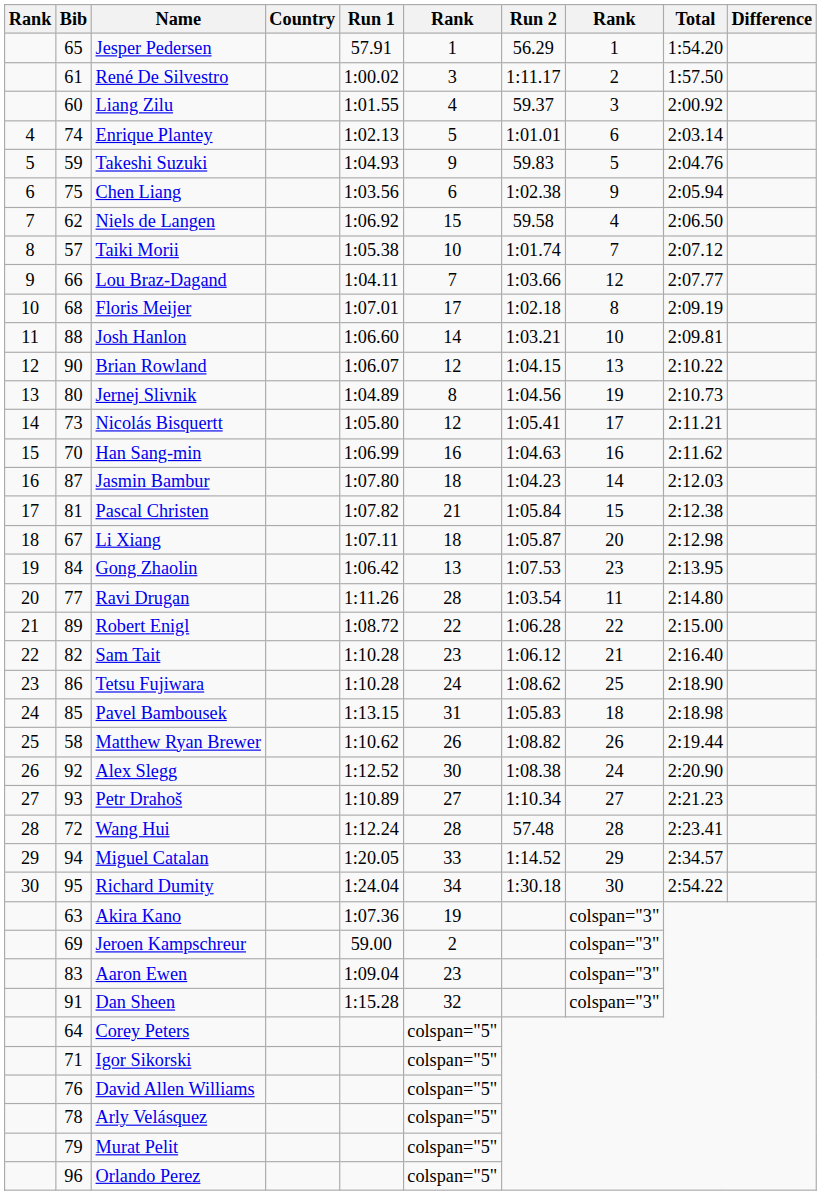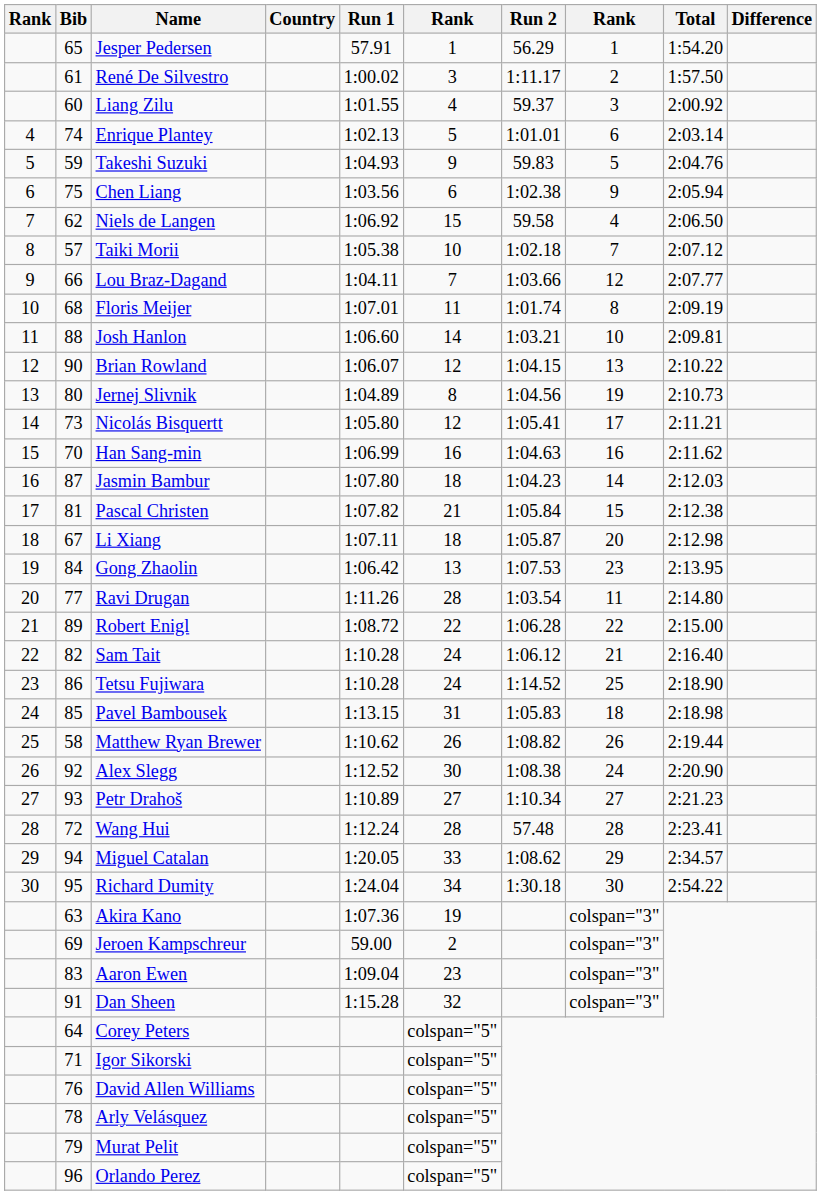 <table class="wikitable sortable" style="text-align:center">
 <tr>
 <th>Rank</th>
 <th>Bib</th>
 <th>Name</th>
 <th>Country</th>
 <th>Run 1</th>
 <th>Rank</th>
 <th>Run 2</th>
 <th>Rank</th>
 <th>Total</th>
 <th>Difference</th>
 </tr>
 <tr>
 <td></td>
 <td>65</td>
 <td align="left"><a href='#'>Jesper Pedersen</a></td>
 <td align="left"></td>
 <td>57.91</td>
 <td>1</td>
 <td>56.29</td>
 <td>1</td>
 <td>1:54.20</td>
 <td></td>
 </tr>
 <tr>
 <td></td>
 <td>61</td>
 <td align="left"><a href='#'>René De Silvestro</a></td>
 <td align="left"></td>
 <td>1:00.02</td>
 <td>3</td>
 <td>1:11.17</td>
 <td>2</td>
 <td>1:57.50</td>
 <td></td>
 </tr>
 <tr>
 <td></td>
 <td>60</td>
 <td align="left"><a href='#'>Liang Zilu</a></td>
 <td align="left"></td>
 <td>1:01.55</td>
 <td>4</td>
 <td>59.37</td>
 <td>3</td>
 <td>2:00.92</td>
 <td></td>
 </tr>
 <tr>
 <td>4</td>
 <td>74</td>
 <td align="left"><a href='#'>Enrique Plantey</a></td>
 <td align="left"></td>
 <td>1:02.13</td>
 <td>5</td>
 <td>1:01.01</td>
 <td>6</td>
 <td>2:03.14</td>
 <td></td>
 </tr>
 <tr>
 <td>5</td>
 <td>59</td>
 <td align="left"><a href='#'>Takeshi Suzuki</a></td>
 <td align="left"></td>
 <td>1:04.93</td>
 <td>9</td>
 <td>59.83</td>
 <td>5</td>
 <td>2:04.76</td>
 <td></td>
 </tr>
 <tr>
 <td>6</td>
 <td>75</td>
 <td align="left"><a href='#'>Chen Liang</a></td>
 <td align="left"></td>
 <td>1:03.56</td>
 <td>6</td>
 <td>1:02.38</td>
 <td>9</td>
 <td>2:05.94</td>
 <td></td>
 </tr>
 <tr>
 <td>7</td>
 <td>62</td>
 <td align="left"><a href='#'>Niels de Langen</a></td>
 <td align="left"></td>
 <td>1:06.92</td>
 <td>15</td>
 <td>59.58</td>
 <td>4</td>
 <td>2:06.50</td>
 <td></td>
 </tr>
 <tr>
 <td>8</td>
 <td>57</td>
 <td align="left"><a href='#'>Taiki Morii</a></td>
 <td align="left"></td>
 <td>1:05.38</td>
 <td>10</td>
-<td>1:01.74</td>
+<td>1:02.18</td>
 <td>7</td>
 <td>2:07.12</td>
 <td></td>
 </tr>
 <tr>
 <td>9</td>
 <td>66</td>
 <td align="left"><a href='#'>Lou Braz-Dagand</a></td>
 <td align="left"></td>
 <td>1:04.11</td>
 <td>7</td>
 <td>1:03.66</td>
 <td>12</td>
 <td>2:07.77</td>
 <td></td>
 </tr>
 <tr>
 <td>10</td>
 <td>68</td>
 <td align="left"><a href='#'>Floris Meijer</a></td>
 <td align="left"></td>
 <td>1:07.01</td>
-<td>17</td>
-<td>1:02.18</td>
+<td>11</td>
+<td>1:01.74</td>
 <td>8</td>
 <td>2:09.19</td>
 <td></td>
 </tr>
 <tr>
 <td>11</td>
 <td>88</td>
 <td align="left"><a href='#'>Josh Hanlon</a></td>
 <td align="left"></td>
 <td>1:06.60</td>
 <td>14</td>
 <td>1:03.21</td>
 <td>10</td>
 <td>2:09.81</td>
 <td></td>
 </tr>
 <tr>
 <td>12</td>
 <td>90</td>
 <td align="left"><a href='#'>Brian Rowland</a></td>
 <td align="left"></td>
 <td>1:06.07</td>
 <td>12</td>
 <td>1:04.15</td>
 <td>13</td>
 <td>2:10.22</td>
 <td></td>
 </tr>
 <tr>
 <td>13</td>
 <td>80</td>
 <td align="left"><a href='#'>Jernej Slivnik</a></td>
 <td align="left"></td>
 <td>1:04.89</td>
 <td>8</td>
 <td>1:04.56</td>
 <td>19</td>
 <td>2:10.73</td>
 <td></td>
 </tr>
 <tr>
 <td>14</td>
 <td>73</td>
 <td align="left"><a href='#'>Nicolás Bisquertt</a></td>
 <td align="left"></td>
 <td>1:05.80</td>
 <td>12</td>
 <td>1:05.41</td>
 <td>17</td>
 <td>2:11.21</td>
 <td></td>
 </tr>
 <tr>
 <td>15</td>
 <td>70</td>
 <td align="left"><a href='#'>Han Sang-min</a></td>
 <td align="left"></td>
 <td>1:06.99</td>
 <td>16</td>
 <td>1:04.63</td>
 <td>16</td>
 <td>2:11.62</td>
 <td></td>
 </tr>
 <tr>
 <td>16</td>
 <td>87</td>
 <td align="left"><a href='#'>Jasmin Bambur</a></td>
 <td align="left"></td>
 <td>1:07.80</td>
 <td>18</td>
 <td>1:04.23</td>
 <td>14</td>
 <td>2:12.03</td>
 <td></td>
 </tr>
 <tr>
 <td>17</td>
 <td>81</td>
 <td align="left"><a href='#'>Pascal Christen</a></td>
 <td align="left"></td>
 <td>1:07.82</td>
 <td>21</td>
 <td>1:05.84</td>
 <td>15</td>
 <td>2:12.38</td>
 <td></td>
 </tr>
 <tr>
 <td>18</td>
 <td>67</td>
 <td align="left"><a href='#'>Li Xiang</a></td>
 <td align="left"></td>
 <td>1:07.11</td>
 <td>18</td>
 <td>1:05.87</td>
 <td>20</td>
 <td>2:12.98</td>
 <td></td>
 </tr>
 <tr>
 <td>19</td>
 <td>84</td>
 <td align="left"><a href='#'>Gong Zhaolin</a></td>
 <td align="left"></td>
 <td>1:06.42</td>
 <td>13</td>
 <td>1:07.53</td>
 <td>23</td>
 <td>2:13.95</td>
 <td></td>
 </tr>
 <tr>
 <td>20</td>
 <td>77</td>
 <td align="left"><a href='#'>Ravi Drugan</a></td>
 <td align="left"></td>
 <td>1:11.26</td>
 <td>28</td>
 <td>1:03.54</td>
 <td>11</td>
 <td>2:14.80</td>
 <td></td>
 </tr>
 <tr>
 <td>21</td>
 <td>89</td>
 <td align="left"><a href='#'>Robert Enigl</a></td>
 <td align="left"></td>
 <td>1:08.72</td>
 <td>22</td>
 <td>1:06.28</td>
 <td>22</td>
 <td>2:15.00</td>
 <td></td>
 </tr>
 <tr>
 <td>22</td>
 <td>82</td>
 <td align="left"><a href='#'>Sam Tait</a></td>
 <td align="left"></td>
 <td>1:10.28</td>
-<td>23</td>
+<td>24</td>
 <td>1:06.12</td>
 <td>21</td>
 <td>2:16.40</td>
 <td></td>
 </tr>
 <tr>
 <td>23</td>
 <td>86</td>
 <td align="left"><a href='#'>Tetsu Fujiwara</a></td>
 <td align="left"></td>
 <td>1:10.28</td>
 <td>24</td>
-<td>1:08.62</td>
+<td>1:14.52</td>
 <td>25</td>
 <td>2:18.90</td>
 <td></td>
 </tr>
 <tr>
 <td>24</td>
 <td>85</td>
 <td align="left"><a href='#'>Pavel Bambousek</a></td>
 <td align="left"></td>
 <td>1:13.15</td>
 <td>31</td>
 <td>1:05.83</td>
 <td>18</td>
 <td>2:18.98</td>
 <td></td>
 </tr>
 <tr>
 <td>25</td>
 <td>58</td>
 <td align="left"><a href='#'>Matthew Ryan Brewer</a></td>
 <td align="left"></td>
 <td>1:10.62</td>
 <td>26</td>
 <td>1:08.82</td>
 <td>26</td>
 <td>2:19.44</td>
 <td></td>
 </tr>
 <tr>
 <td>26</td>
 <td>92</td>
 <td align="left"><a href='#'>Alex Slegg</a></td>
 <td align="left"></td>
 <td>1:12.52</td>
 <td>30</td>
 <td>1:08.38</td>
 <td>24</td>
 <td>2:20.90</td>
 <td></td>
 </tr>
 <tr>
 <td>27</td>
 <td>93</td>
 <td align="left"><a href='#'>Petr Drahoš</a></td>
 <td align="left"></td>
 <td>1:10.89</td>
 <td>27</td>
 <td>1:10.34</td>
 <td>27</td>
 <td>2:21.23</td>
 <td></td>
 </tr>
 <tr>
 <td>28</td>
 <td>72</td>
 <td align="left"><a href='#'>Wang Hui</a></td>
 <td align="left"></td>
 <td>1:12.24</td>
 <td>28</td>
 <td>57.48</td>
 <td>28</td>
 <td>2:23.41</td>
 <td></td>
 </tr>
 <tr>
 <td>29</td>
 <td>94</td>
 <td align="left"><a href='#'>Miguel Catalan</a></td>
 <td align="left"></td>
 <td>1:20.05</td>
 <td>33</td>
-<td>1:14.52</td>
+<td>1:08.62</td>
 <td>29</td>
 <td>2:34.57</td>
 <td></td>
 </tr>
 <tr>
 <td>30</td>
 <td>95</td>
 <td align="left"><a href='#'>Richard Dumity</a></td>
 <td align="left"></td>
 <td>1:24.04</td>
 <td>34</td>
 <td>1:30.18</td>
 <td>30</td>
 <td>2:54.22</td>
 <td></td>
 </tr>
 <tr>
 <td></td>
 <td>63</td>
 <td align="left"><a href='#'>Akira Kano</a></td>
 <td align="left"></td>
 <td>1:07.36</td>
 <td>19</td>
 <td></td>
 <td>colspan="3" </td>
 </tr>
 <tr>
 <td></td>
 <td>69</td>
 <td align="left"><a href='#'>Jeroen Kampschreur</a></td>
 <td align="left"></td>
 <td>59.00</td>
 <td>2</td>
 <td></td>
 <td>colspan="3" </td>
 </tr>
 <tr>
 <td></td>
 <td>83</td>
 <td align="left"><a href='#'>Aaron Ewen</a></td>
 <td align="left"></td>
 <td>1:09.04</td>
 <td>23</td>
 <td></td>
 <td>colspan="3" </td>
 </tr>
 <tr>
 <td></td>
 <td>91</td>
 <td align="left"><a href='#'>Dan Sheen</a></td>
 <td align="left"></td>
 <td>1:15.28</td>
 <td>32</td>
 <td></td>
 <td>colspan="3" </td>
 </tr>
 <tr>
 <td></td>
 <td>64</td>
 <td align="left"><a href='#'>Corey Peters</a></td>
 <td align="left"></td>
 <td></td>
 <td>colspan="5" </td>
 </tr>
 <tr>
 <td></td>
 <td>71</td>
 <td align="left"><a href='#'>Igor Sikorski</a></td>
 <td align="left"></td>
 <td></td>
 <td>colspan="5" </td>
 </tr>
 <tr>
 <td></td>
 <td>76</td>
 <td align="left"><a href='#'>David Allen Williams</a></td>
 <td align="left"></td>
 <td></td>
 <td>colspan="5" </td>
 </tr>
 <tr>
 <td></td>
 <td>78</td>
 <td align="left"><a href='#'>Arly Velásquez</a></td>
 <td align="left"></td>
 <td></td>
 <td>colspan="5" </td>
 </tr>
 <tr>
 <td></td>
 <td>79</td>
 <td align="left"><a href='#'>Murat Pelit</a></td>
 <td align="left"></td>
 <td></td>
 <td>colspan="5" </td>
 </tr>
 <tr>
 <td></td>
 <td>96</td>
 <td align="left"><a href='#'>Orlando Perez</a></td>
 <td align="left"></td>
 <td></td>
 <td>colspan="5" </td>
 </tr>
 </table>
